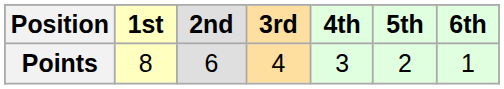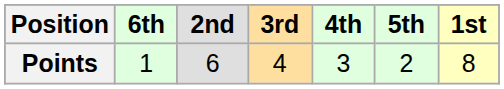 <table class="wikitable" style="font-size:85%; text-align:center">
 <tr>
 <th>Position</th>
-<td style="background:#ffffbf;”"> <strong>1st</strong> </td>
+<td style="background:#dfffdf;”"> <strong>6th</strong> </td>
 <td style="background:#dfdfdf;”"> <strong>2nd</strong> </td>
 <td style="background:#ffdf9f;”"> <strong>3rd</strong> </td>
 <td style="background:#dfffdf;”"> <strong>4th</strong> </td>
 <td style="background:#dfffdf;”"> <strong>5th</strong> </td>
-<td style="background:#dfffdf;”"> <strong>6th</strong> </td>
+<td style="background:#ffffbf;”"> <strong>1st</strong> </td>
 </tr>
 <tr>
 <th>Points</th>
-<td style="background:#ffffbf;”">8</td>
+<td style="background:#dfffdf;”">1</td>
 <td style="background:#dfdfdf;”">6</td>
 <td style="background:#ffdf9f;”">4</td>
 <td style="background:#dfffdf;”">3</td>
 <td style="background:#dfffdf;”">2</td>
-<td style="background:#dfffdf;”">1</td>
+<td style="background:#ffffbf;”">8</td>
 </tr>
 </table>
